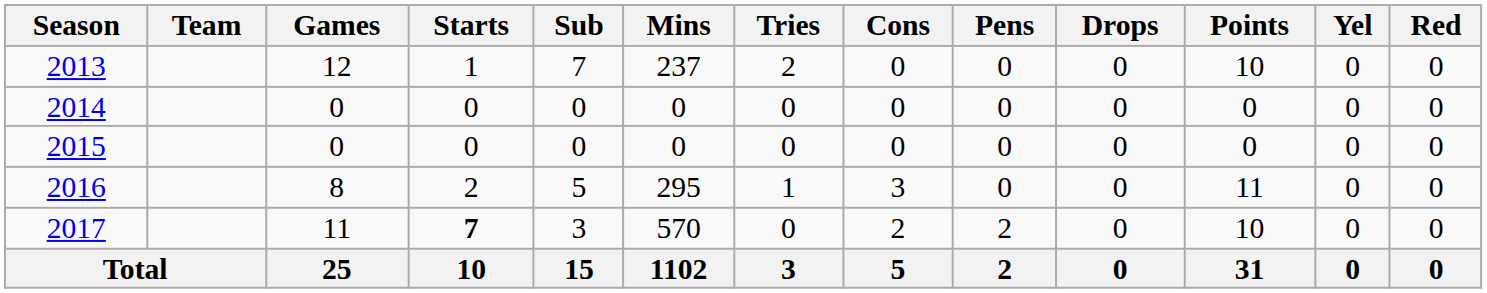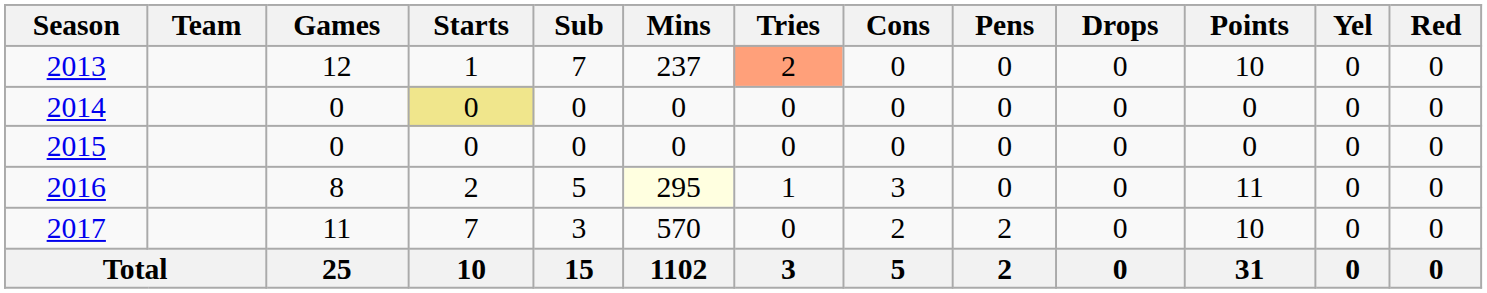 <table class="wikitable" style="text-align:center; line-height:90%; font-size:95%; width:60%;">
 <tr>
 <th>Season</th>
 <th>Team</th>
 <th>Games</th>
 <th>Starts</th>
 <th>Sub</th>
 <th>Mins</th>
 <th>Tries</th>
 <th>Cons</th>
 <th>Pens</th>
 <th>Drops</th>
 <th>Points</th>
 <th>Yel</th>
 <th>Red</th>
 </tr>
 <tr>
 <td><a href='#'>2013</a></td>
 <td></td>
 <td>12</td>
 <td>1</td>
 <td>7</td>
 <td>237</td>
-<td>2</td>
+<td style="background: lightsalmon;">2</td>
 <td>0</td>
 <td>0</td>
 <td>0</td>
 <td>10</td>
 <td>0</td>
 <td>0</td>
 </tr>
 <tr>
 <td><a href='#'>2014</a></td>
 <td></td>
 <td>0</td>
-<td>0</td>
+<td style="background: khaki;">0</td>
 <td>0</td>
 <td>0</td>
 <td>0</td>
 <td>0</td>
 <td>0</td>
 <td>0</td>
 <td>0</td>
 <td>0</td>
 <td>0</td>
 </tr>
 <tr>
 <td><a href='#'>2015</a></td>
 <td></td>
 <td>0</td>
 <td>0</td>
 <td>0</td>
 <td>0</td>
 <td>0</td>
 <td>0</td>
 <td>0</td>
 <td>0</td>
 <td>0</td>
 <td>0</td>
 <td>0</td>
 </tr>
 <tr>
 <td><a href='#'>2016</a></td>
 <td></td>
 <td>8</td>
 <td>2</td>
 <td>5</td>
-<td>295</td>
+<td style="background: lightyellow;">295</td>
 <td>1</td>
 <td>3</td>
 <td>0</td>
 <td>0</td>
 <td>11</td>
 <td>0</td>
 <td>0</td>
 </tr>
 <tr>
 <td><a href='#'>2017</a></td>
 <td></td>
 <td>11</td>
-<td><strong>7</strong></td>
+<td>7</td>
 <td>3</td>
 <td>570</td>
 <td>0</td>
 <td>2</td>
 <td>2</td>
 <td>0</td>
 <td>10</td>
 <td>0</td>
 <td>0</td>
 </tr>
 <tr>
 <th colspan="2">Total</th>
 <th>25</th>
 <th>10</th>
 <th>15</th>
 <th>1102</th>
 <th>3</th>
 <th>5</th>
 <th>2</th>
 <th>0</th>
 <th>31</th>
 <th>0</th>
 <th>0</th>
 </tr>
 </table>
